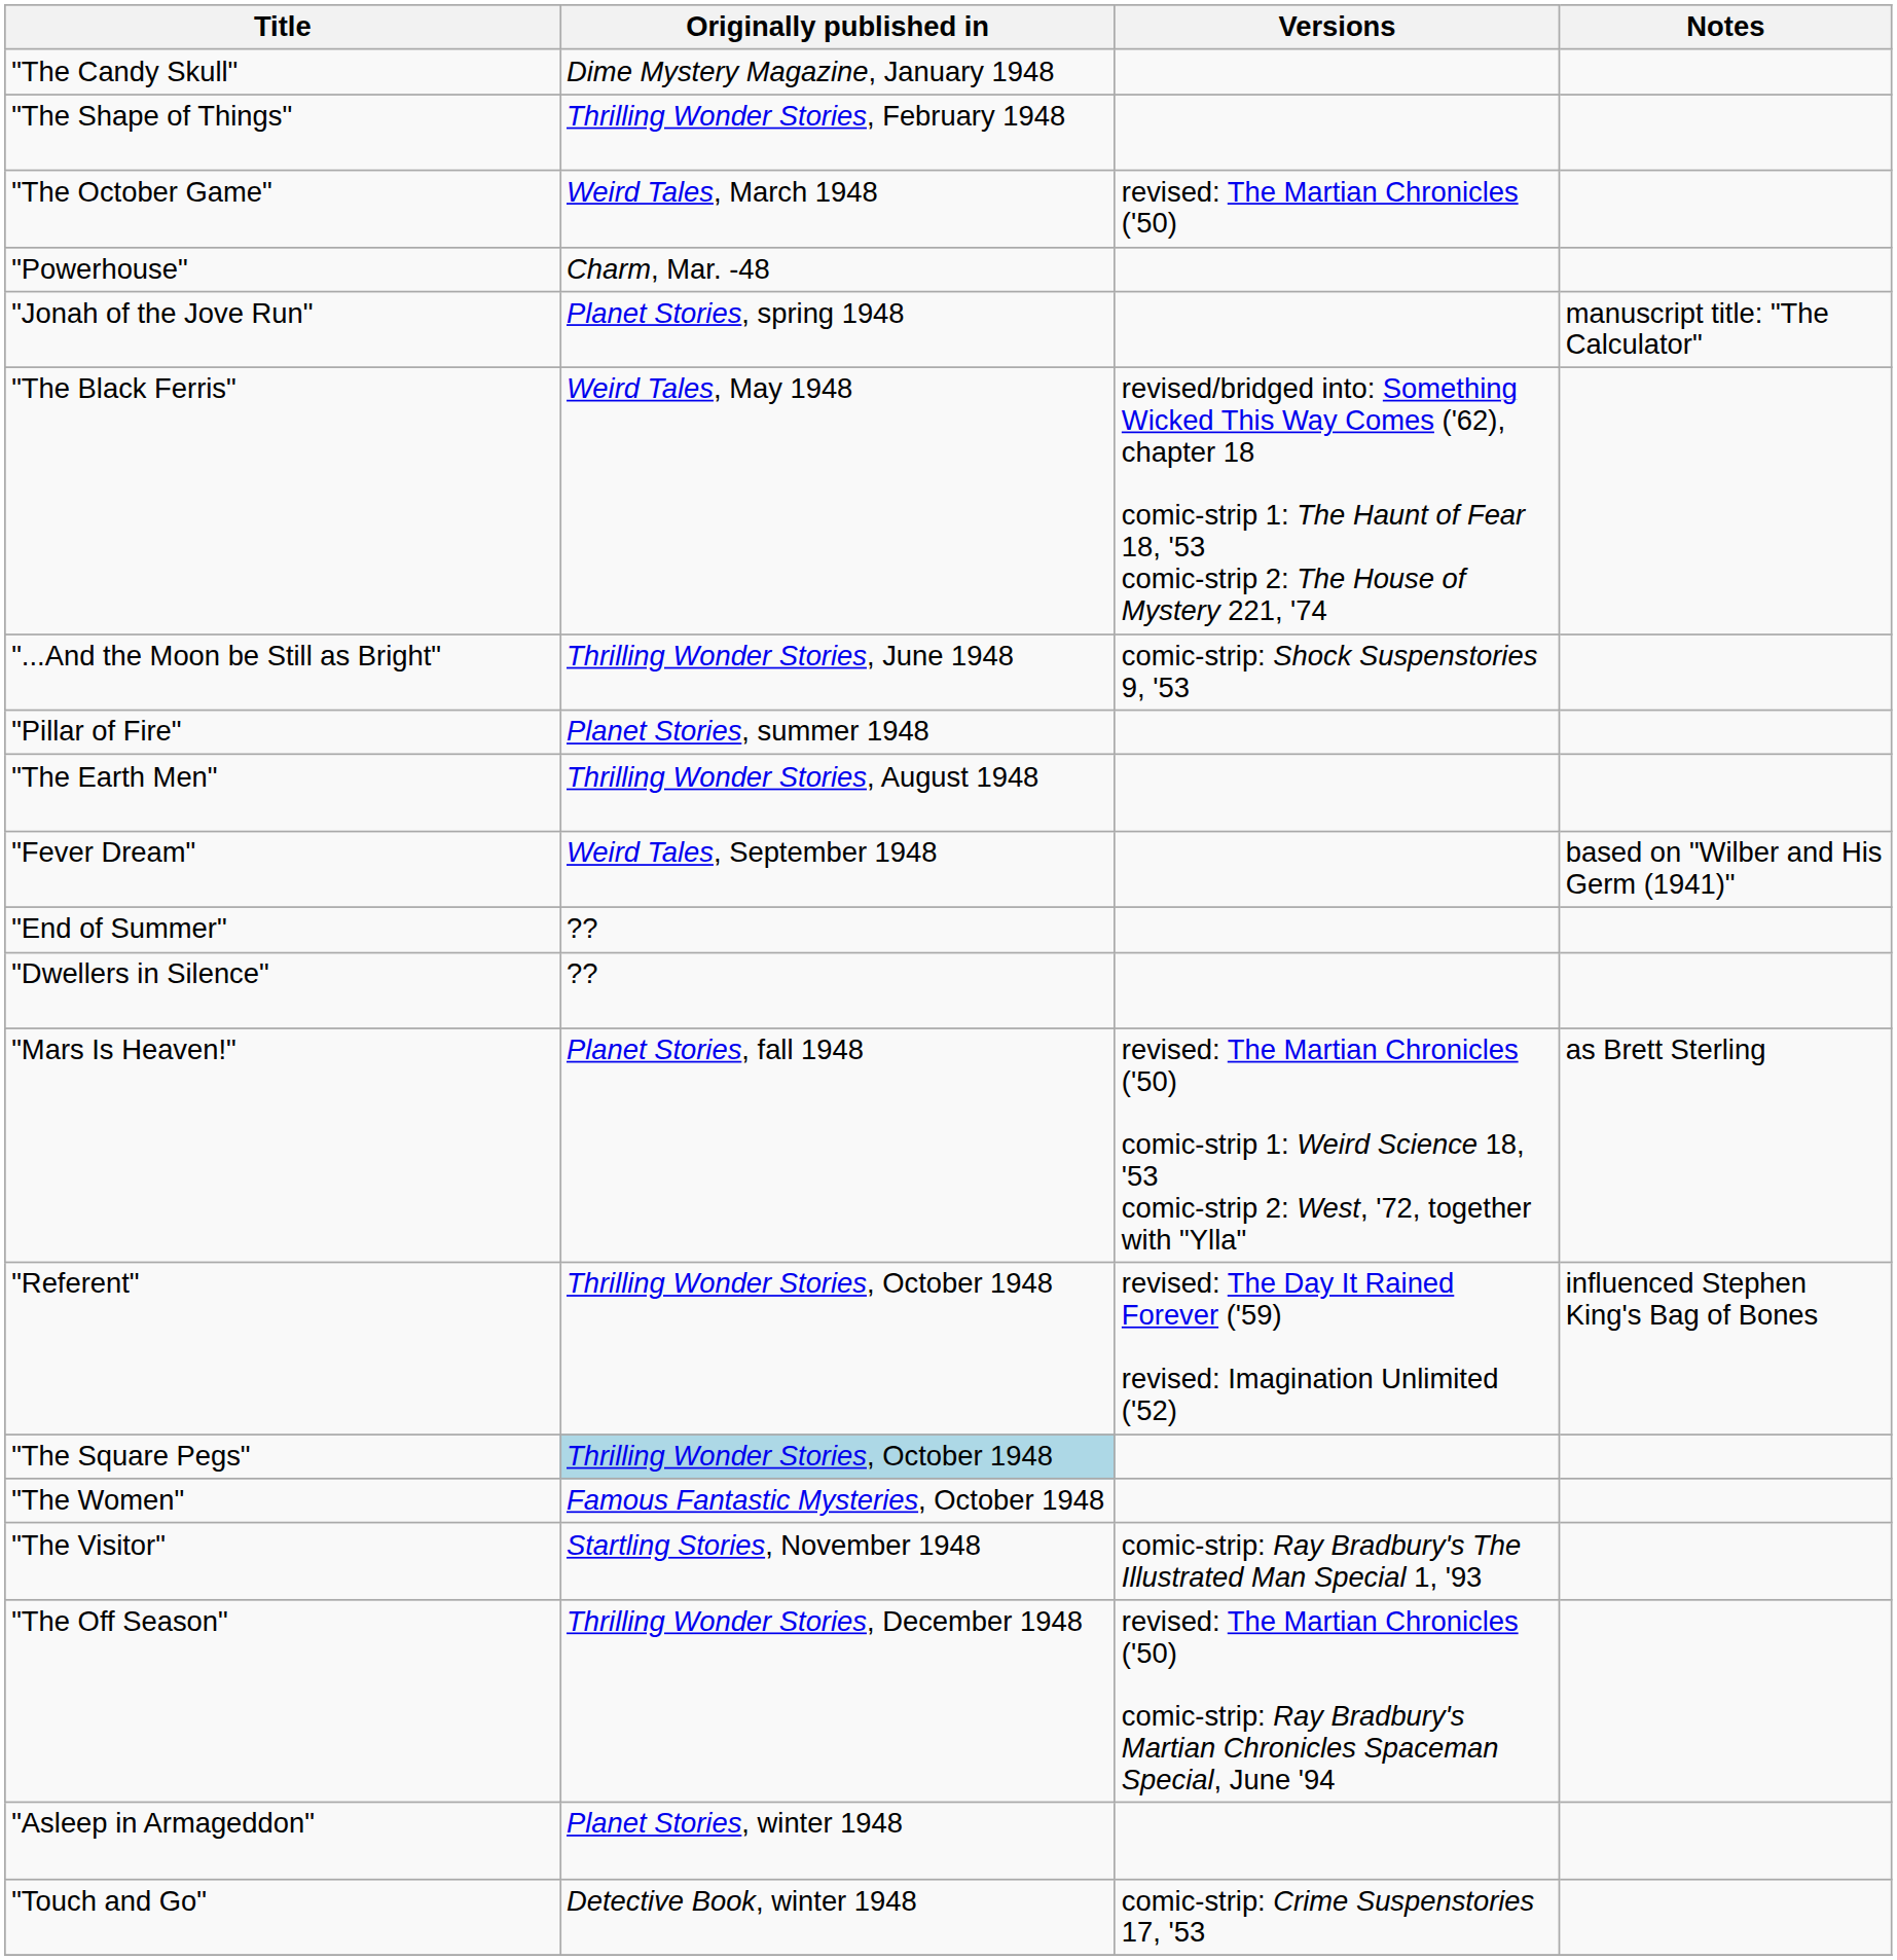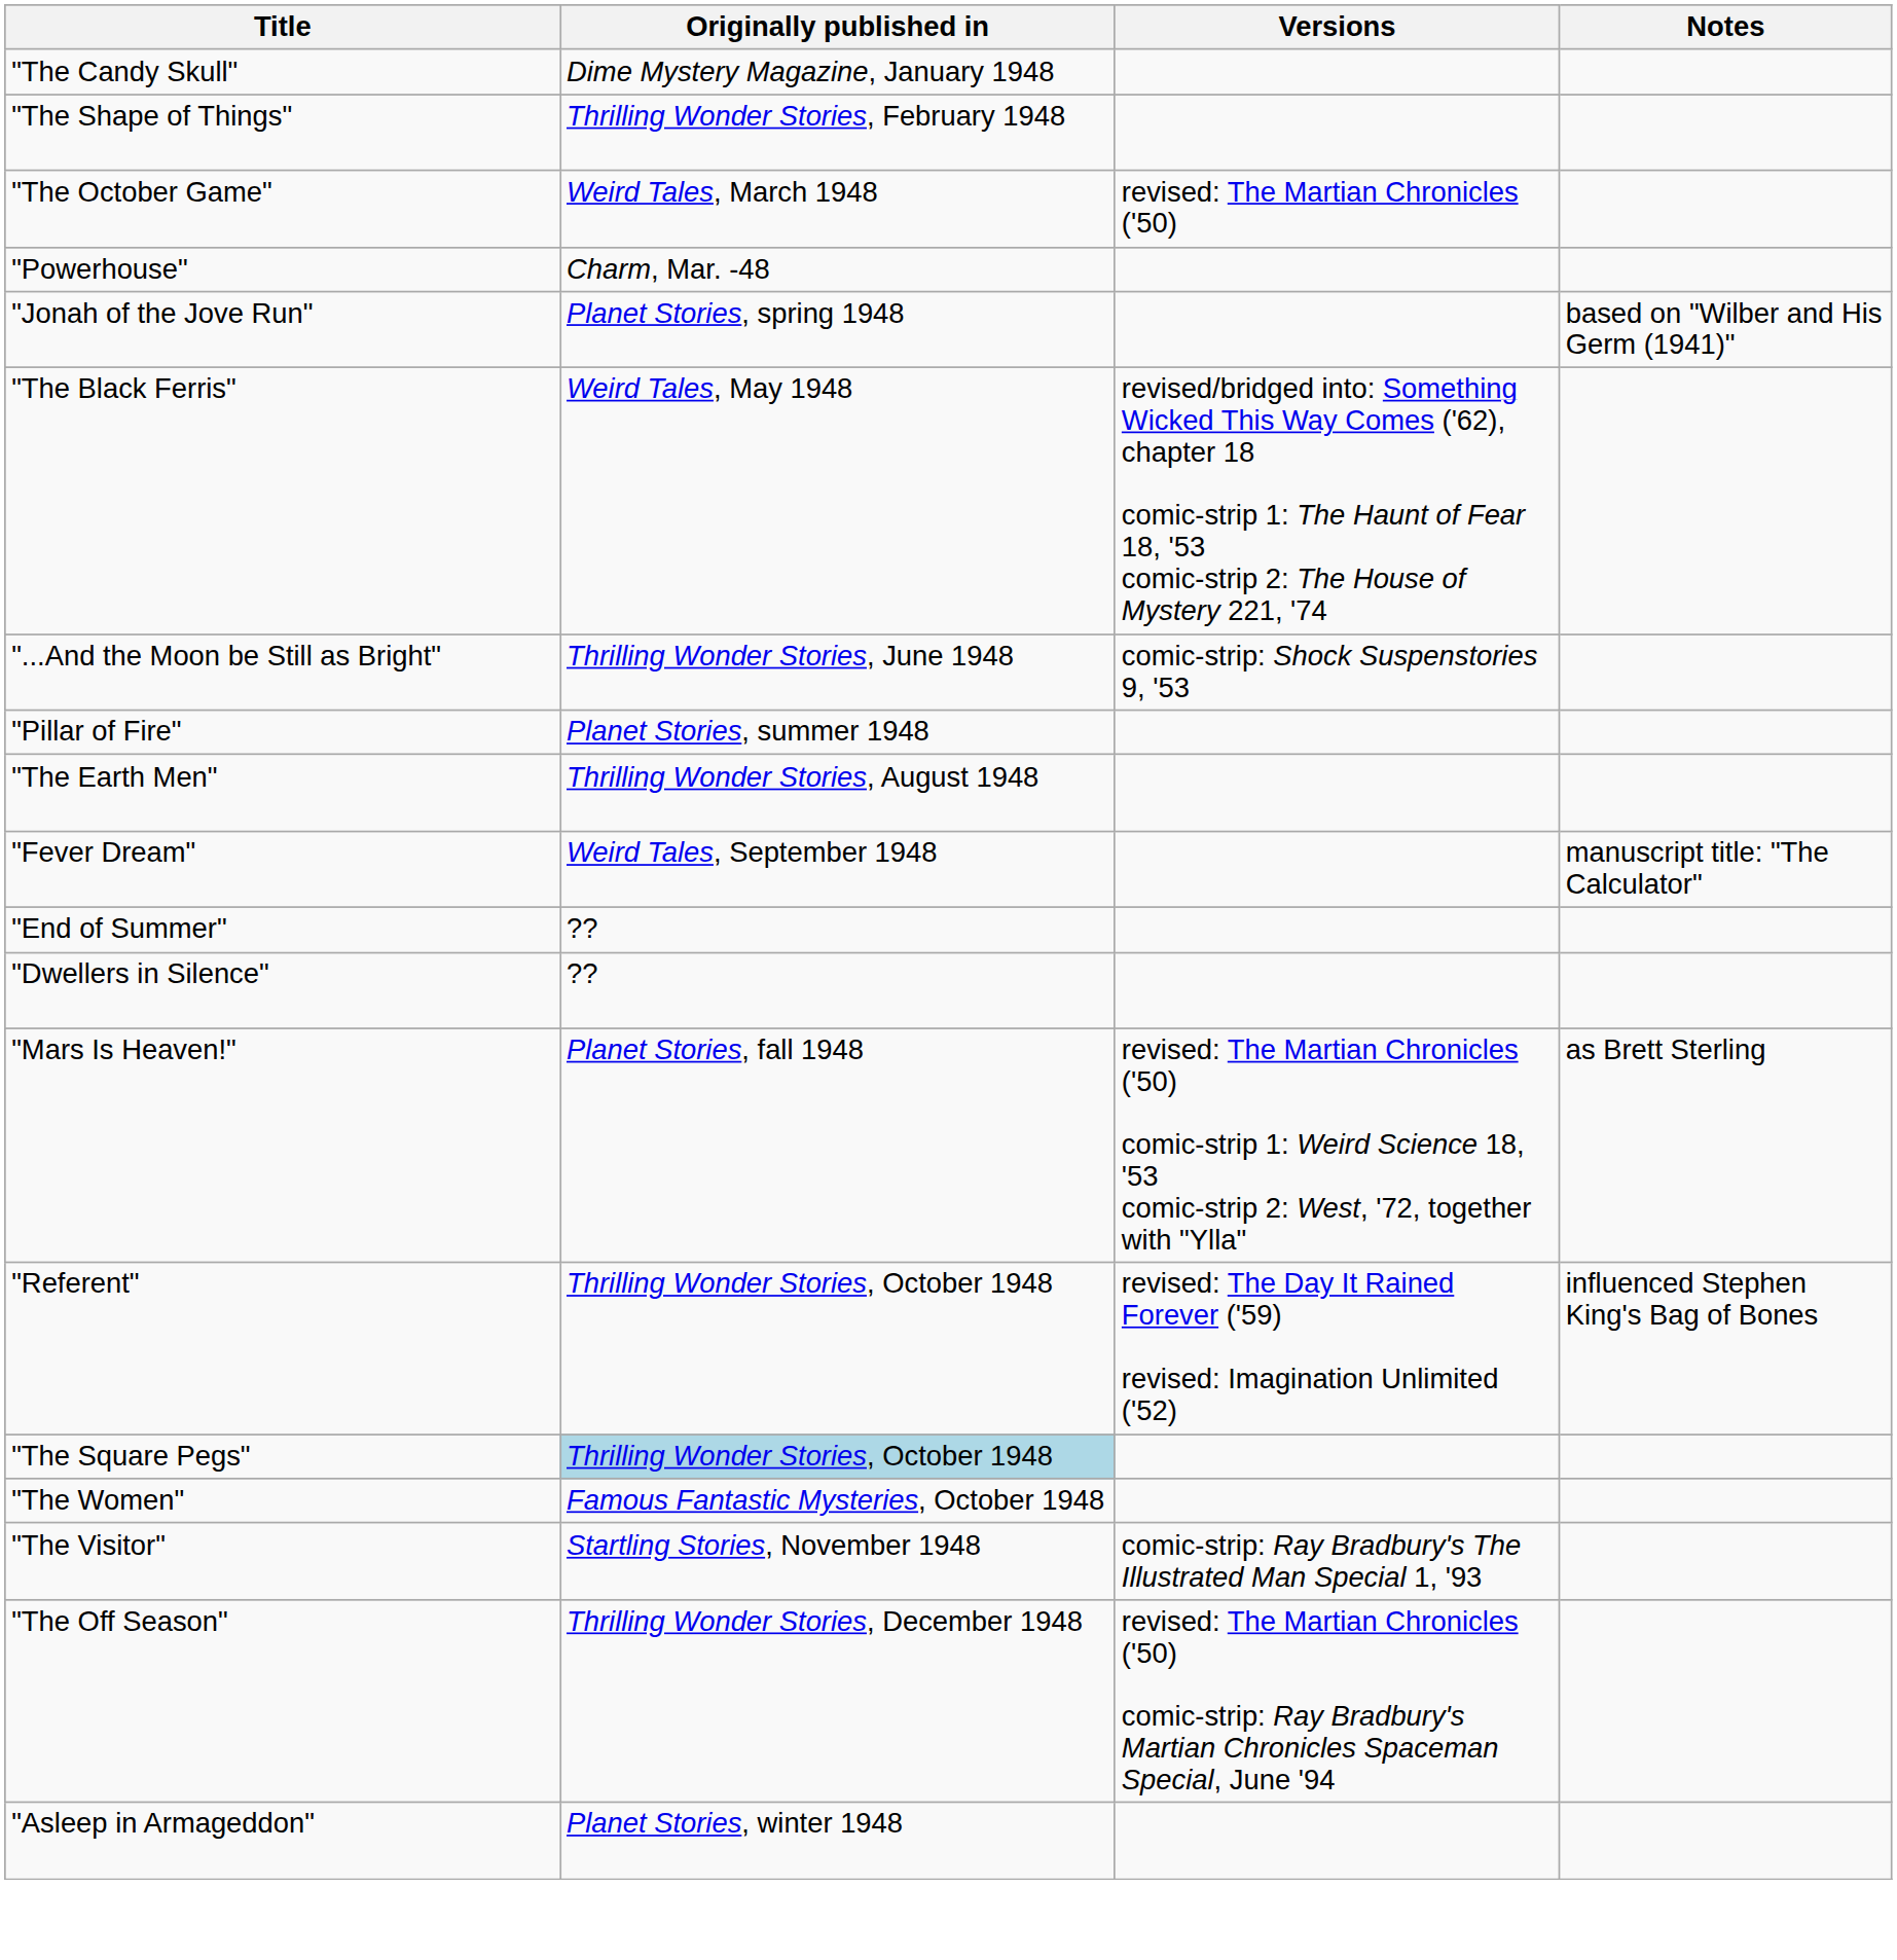 <table class="wikitable" style="width: 85%">
 <tr valign="top">
 <th width="25%">Title</th>
 <th width="25%">Originally published in</th>
 <th width="20%">Versions</th>
 <th width="15%">Notes</th>
 </tr>
 <tr valign="top">
 <td>"The Candy Skull"</td>
 <td><em>Dime Mystery Magazine</em>, January 1948</td>
 <td></td>
 <td></td>
 </tr>
 <tr valign="top">
 <td>"The Shape of Things" <br><br></td>
 <td><a href='#'><em>Thrilling Wonder Stories</em></a>, February 1948</td>
 <td></td>
 <td></td>
 </tr>
 <tr valign="top">
 <td>"The October Game"</td>
 <td><em><a href='#'>Weird Tales</a></em>, March 1948</td>
 <td>revised: <a href='#'>The Martian Chronicles</a> ('50)</td>
 <td></td>
 </tr>
 <tr valign="top">
 <td>"Powerhouse"</td>
 <td><em>Charm</em>, Mar. -48</td>
 <td></td>
 <td></td>
 </tr>
 <tr valign="top">
 <td>"Jonah of the Jove Run"</td>
 <td><em><a href='#'>Planet Stories</a></em>, spring 1948</td>
 <td></td>
-<td>manuscript title: "The Calculator"</td>
+<td>based on "Wilber and His Germ (1941)"</td>
 </tr>
 <tr valign="top">
 <td>"The Black Ferris" <br><br></td>
 <td><em><a href='#'>Weird Tales</a></em>, May 1948</td>
 <td>revised/bridged into: <a href='#'>Something Wicked This Way Comes</a> ('62), chapter 18 <br><br>comic-strip 1: <em>The Haunt of Fear</em> 18, '53 <br> comic-strip 2: <em>The House of Mystery</em> 221, '74</td>
 <td></td>
 </tr>
 <tr valign="top">
 <td>"...And the Moon be Still as Bright" <br><br></td>
 <td><a href='#'><em>Thrilling Wonder Stories</em></a>, June 1948</td>
 <td>comic-strip: <em>Shock Suspenstories</em> 9, '53</td>
 <td></td>
 </tr>
 <tr valign="top">
 <td>"Pillar of Fire"</td>
 <td><em><a href='#'>Planet Stories</a></em>, summer 1948</td>
 <td></td>
 <td></td>
 </tr>
 <tr valign="top">
 <td>"The Earth Men" <br><br></td>
 <td><a href='#'><em>Thrilling Wonder Stories</em></a>, August 1948</td>
 <td></td>
 <td></td>
 </tr>
 <tr valign="top">
 <td>"Fever Dream"</td>
 <td><em><a href='#'>Weird Tales</a></em>, September 1948</td>
 <td></td>
-<td>based on "Wilber and His Germ (1941)"</td>
+<td>manuscript title: "The Calculator"</td>
 </tr>
 <tr valign="top">
 <td>"End of Summer"</td>
 <td>??</td>
 <td></td>
 <td></td>
 </tr>
 <tr valign="top">
 <td>"Dwellers in Silence" <br><br></td>
 <td>??</td>
 <td></td>
 <td></td>
 </tr>
 <tr valign="top">
 <td>"Mars Is Heaven!" <br><br></td>
 <td><em><a href='#'>Planet Stories</a></em>, fall 1948</td>
 <td>revised: <a href='#'>The Martian Chronicles</a> ('50) <br><br>comic-strip 1: <em>Weird Science</em> 18, '53 <br> comic-strip 2: <em>West</em>, '72, together with "Ylla"</td>
 <td>as Brett Sterling</td>
 </tr>
 <tr valign="top">
 <td>"Referent"</td>
 <td><a href='#'><em>Thrilling Wonder Stories</em></a>, October 1948</td>
 <td>revised: <a href='#'>The Day It Rained Forever</a> ('59) <br><br>revised: Imagination Unlimited ('52)</td>
 <td>influenced Stephen King's Bag of Bones</td>
 </tr>
 <tr valign="top">
 <td>"The Square Pegs"</td>
 <td style="background: lightblue;"><a href='#'><em>Thrilling Wonder Stories</em></a>, October 1948</td>
 <td></td>
 <td></td>
 </tr>
 <tr valign="top">
 <td>"The Women"</td>
 <td><em><a href='#'>Famous Fantastic Mysteries</a></em>, October 1948</td>
 <td></td>
 <td></td>
 </tr>
 <tr valign="top">
 <td>"The Visitor"</td>
 <td><em><a href='#'>Startling Stories</a></em>, November 1948</td>
 <td>comic-strip: <em>Ray Bradbury's The Illustrated Man Special</em> 1, '93</td>
 <td></td>
 </tr>
 <tr valign="top">
 <td>"The Off Season" <br><br></td>
 <td><a href='#'><em>Thrilling Wonder Stories</em></a>, December 1948</td>
 <td>revised: <a href='#'>The Martian Chronicles</a> ('50) <br><br>comic-strip: <em>Ray Bradbury's Martian Chronicles Spaceman Special</em>, June '94</td>
 <td></td>
 </tr>
 <tr valign="top">
 <td>"Asleep in Armageddon" <br><br></td>
 <td><em><a href='#'>Planet Stories</a></em>, winter 1948</td>
 <td></td>
 <td></td>
 </tr>
 <tr valign="top">
-<td>"Touch and Go" <br><br></td>
-<td><em>Detective Book</em>, winter 1948</td>
-<td>comic-strip: <em>Crime Suspenstories</em> 17, '53</td>
-<td></td>
-</tr>
-<tr valign="top">
 </tr>
 </table>
